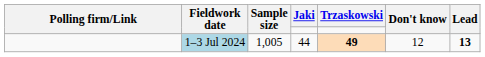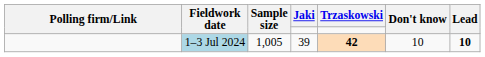 <table class="wikitable" style="text-align:center; font-size:85%; line-height:14px;">
 <tr>
 <th rowspan="2" style="width:200px;">Polling firm/Link</th>
 <th rowspan="2" data-sort-type="date">Fieldwork<br>date</th>
 <th rowspan="2" style="width:20px;">Sample<br>size</th>
 <th><a href='#'>Jaki</a><br></th>
 <th><a href='#'>Trzaskowski</a><br></th>
 <th rowspan="2">Don't know</th>
 <th rowspan="2">Lead</th>
 </tr>
 <tr>
 <td style="background:"></td>
 <td style="background:"></td>
 </tr>
 <tr>
 <td></td>
 <td data-sort-value="2024-07-03" style="background: lightblue;">1–3 Jul 2024</td>
 <td>1,005</td>
-<td>44</td>
-<td style="background:#FDDCB8;"><strong>49</strong></td>
-<td>12</td>
-<td style="background:"><strong>13</strong></td>
+<td>39</td>
+<td style="background:#FDDCB8;"><strong>42</strong></td>
+<td>10</td>
+<td style="background:"><strong>10</strong></td>
 </tr>
 </table>
